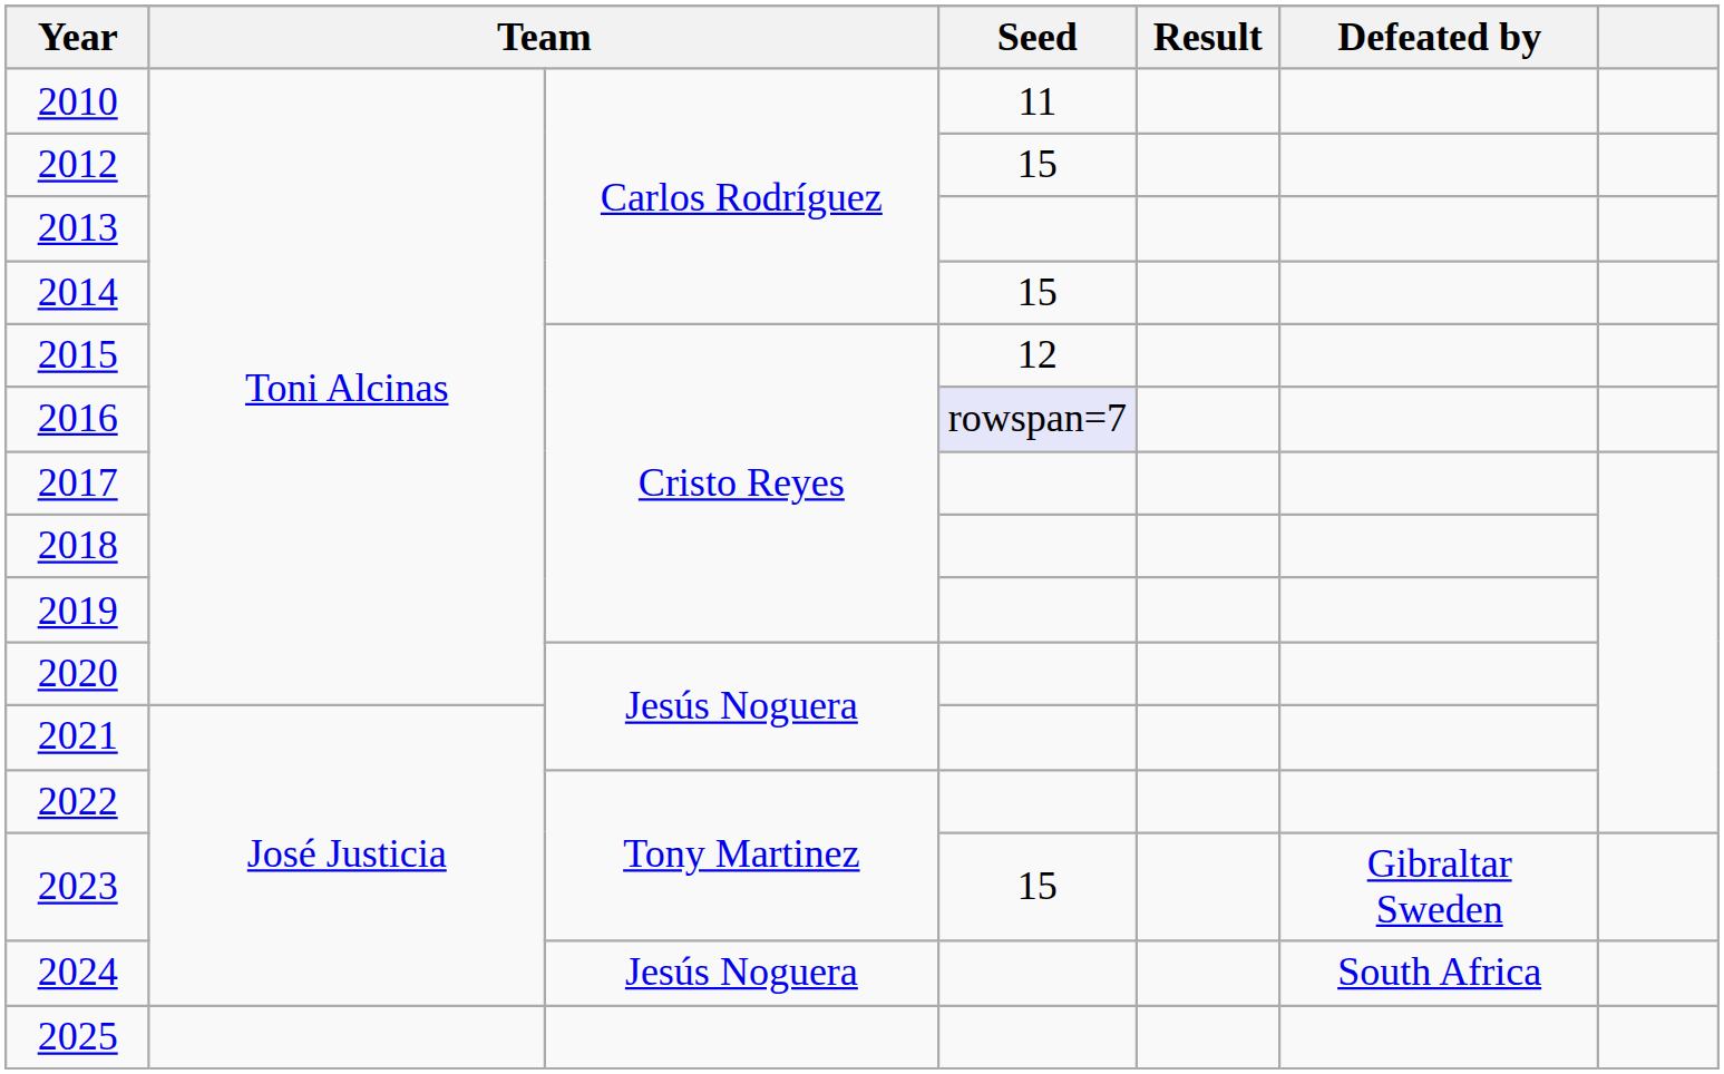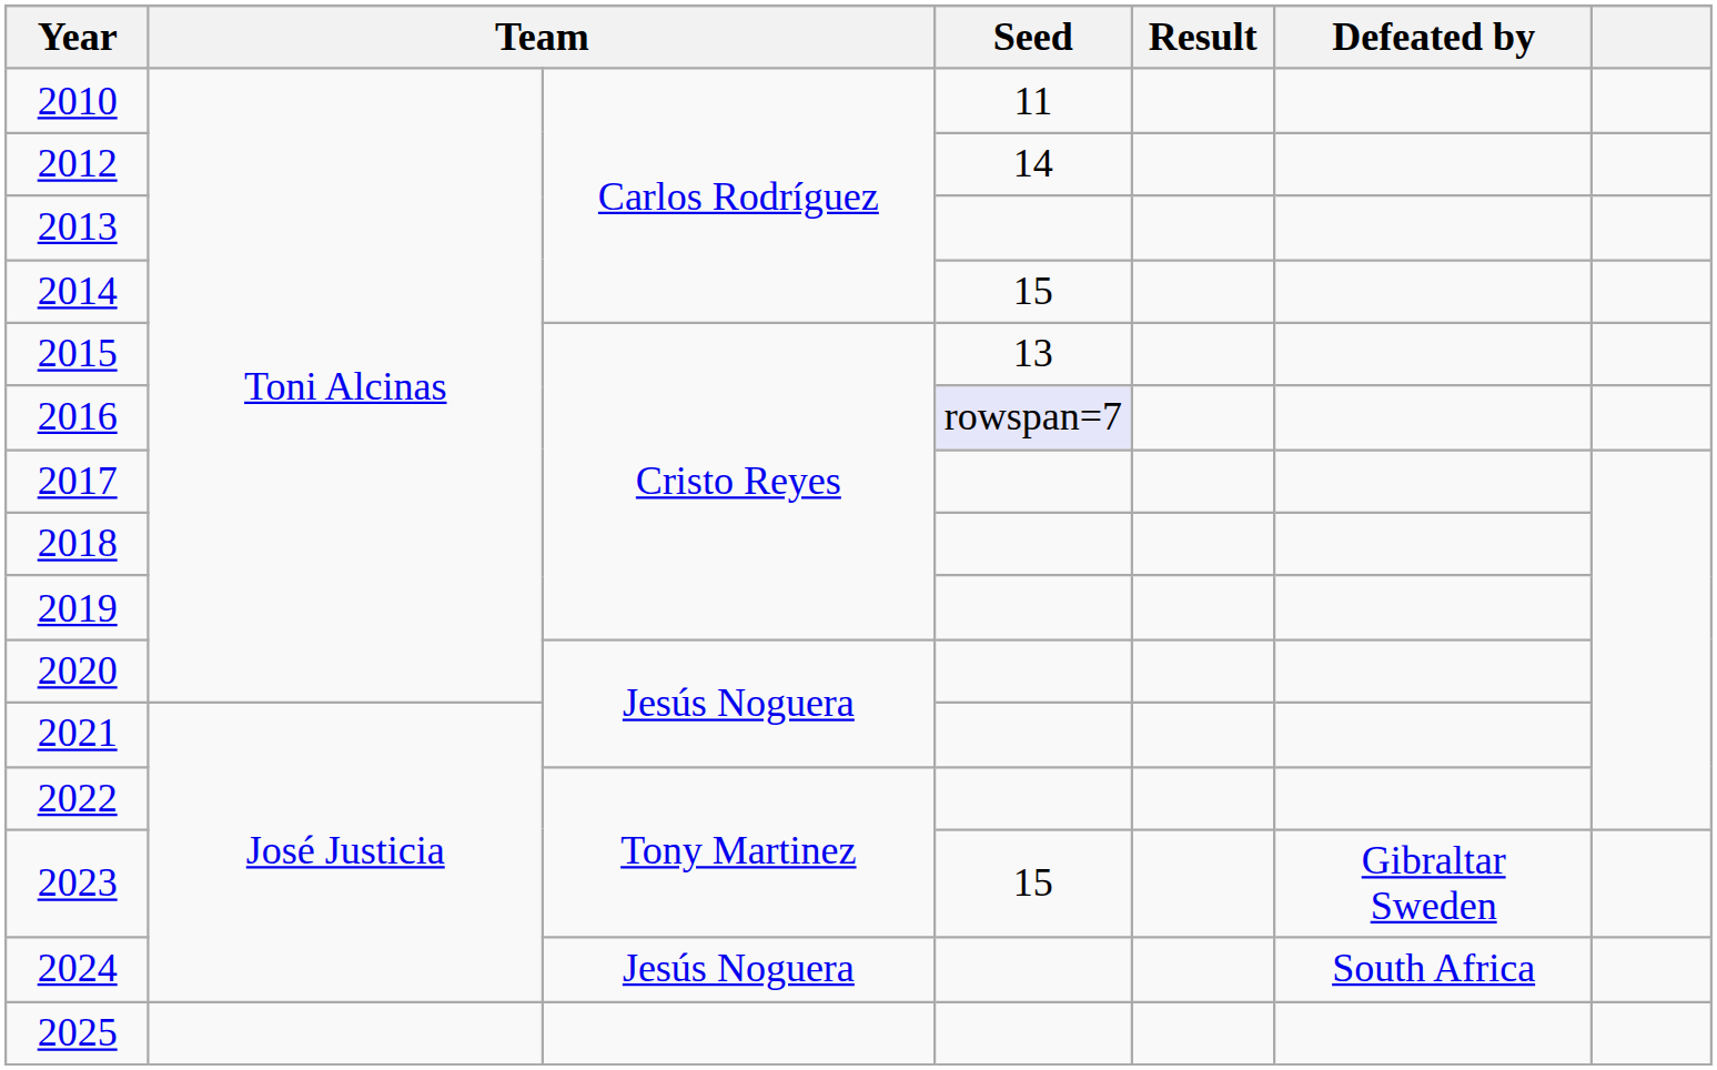 <table class="wikitable" style="text-align: center;">
 <tr style="background: #e2e2e2;">
 </tr>
 <tr style="background: #efefef;">
 <th width=50px>Year</th>
 <th colspan="2">Team</th>
 <th width=50px>Seed</th>
 <th width=50px>Result</th>
 <th width=120px>Defeated by</th>
 <th width=40px></th>
 </tr>
 <tr>
 <td><a href='#'>2010</a></td>
 <td rowspan=10 width=150px><a href='#'>Toni Alcinas</a></td>
 <td rowspan=4 width=150px><a href='#'>Carlos Rodríguez</a></td>
 <td>11</td>
 <td></td>
 <td> </td>
 <td></td>
 </tr>
 <tr>
 <td><a href='#'>2012</a></td>
-<td>15</td>
+<td>14</td>
 <td></td>
 <td> </td>
 <td></td>
 </tr>
 <tr>
 <td><a href='#'>2013</a></td>
 <td></td>
 <td></td>
 <td> </td>
 <td></td>
 </tr>
 <tr>
 <td><a href='#'>2014</a></td>
 <td>15</td>
 <td></td>
 <td> </td>
 <td></td>
 </tr>
 <tr>
 <td><a href='#'>2015</a></td>
 <td rowspan=5><a href='#'>Cristo Reyes</a></td>
-<td>12</td>
+<td>13</td>
 <td></td>
 <td> </td>
 <td></td>
 </tr>
 <tr>
 <td><a href='#'>2016</a></td>
 <td style="background: lavender;">rowspan=7 </td>
 <td></td>
 <td> </td>
 <td></td>
 </tr>
 <tr>
 <td><a href='#'>2017</a></td>
 <td></td>
 <td> </td>
 <td></td>
 </tr>
 <tr>
 <td><a href='#'>2018</a></td>
 <td></td>
 <td> </td>
 <td></td>
 </tr>
 <tr>
 <td><a href='#'>2019</a></td>
 <td></td>
 <td> </td>
 <td></td>
 </tr>
 <tr>
 <td><a href='#'>2020</a></td>
 <td rowspan=2><a href='#'>Jesús Noguera</a></td>
 <td></td>
 <td> </td>
 <td></td>
 </tr>
 <tr>
 <td><a href='#'>2021</a></td>
 <td rowspan=4><a href='#'>José Justicia</a></td>
 <td></td>
 <td> </td>
 <td></td>
 </tr>
 <tr>
 <td><a href='#'>2022</a></td>
 <td rowspan=2><a href='#'>Tony Martinez</a></td>
 <td></td>
 <td> </td>
 <td></td>
 </tr>
 <tr>
 <td><a href='#'>2023</a></td>
 <td>15</td>
 <td></td>
 <td> <a href='#'>Gibraltar</a><br> <a href='#'>Sweden</a></td>
 <td></td>
 </tr>
 <tr>
 <td><a href='#'>2024</a></td>
 <td><a href='#'>Jesús Noguera</a></td>
 <td></td>
 <td></td>
 <td> <a href='#'>South Africa</a></td>
 <td></td>
 </tr>
 <tr>
 <td><a href='#'>2025</a></td>
 <td></td>
 <td></td>
 <td></td>
 <td></td>
 <td></td>
 <td></td>
 </tr>
 </table>
